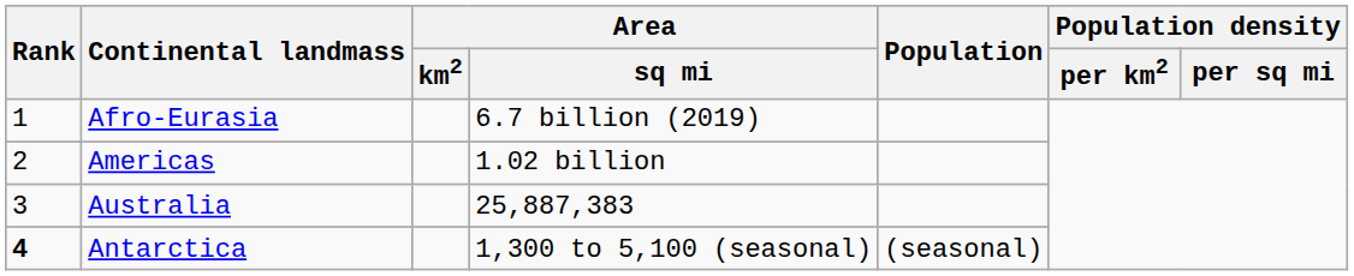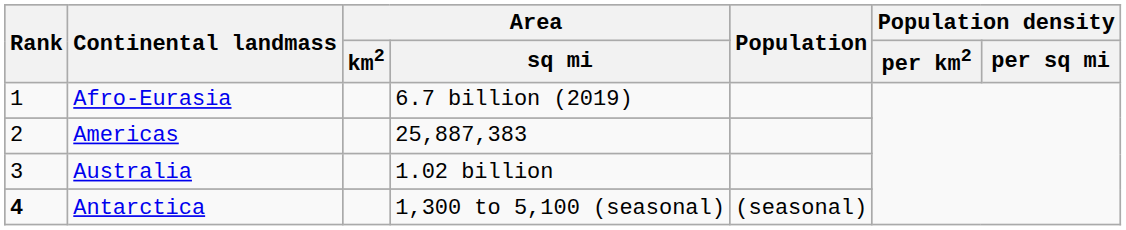 <table class="sortable wikitable">
 <tr>
 <th rowspan=2>Rank</th>
 <th rowspan=2>Continental landmass</th>
 <th colspan=2>Area</th>
 <th rowspan=2>Population</th>
 <th colspan=2>Population density</th>
 </tr>
 <tr>
 <th>km<sup>2</sup></th>
 <th>sq mi</th>
 <th>per km<sup>2</sup></th>
 <th>per sq mi</th>
 </tr>
 <tr>
 <td>1</td>
 <td><a href='#'>Afro-Eurasia</a></td>
 <td></td>
 <td>6.7 billion (2019)</td>
 <td></td>
 </tr>
 <tr>
 <td>2</td>
 <td><a href='#'>Americas</a></td>
 <td></td>
-<td>1.02 billion</td>
+<td>25,887,383</td>
 <td></td>
 </tr>
 <tr>
 <td>3</td>
 <td><a href='#'>Australia</a></td>
 <td></td>
-<td>25,887,383</td>
+<td>1.02 billion</td>
 <td></td>
 </tr>
 <tr>
 <td><strong>4</strong></td>
 <td><a href='#'>Antarctica</a></td>
 <td></td>
 <td>1,300 to 5,100 (seasonal)</td>
 <td> (seasonal)</td>
 </tr>
 </table>
